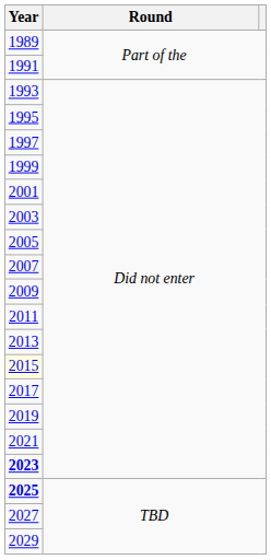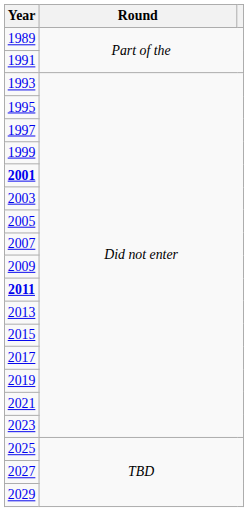 <table class="wikitable" style="text-align: center; font-size:90%">
 <tr>
 <th>Year</th>
 <th style="width:200px">Round</th>
 <th></th>
 </tr>
 <tr>
 <td><a href='#'>1989</a></td>
 <td colspan="2" rowspan="2"><em>Part of the </em></td>
 </tr>
 <tr>
 <td><a href='#'>1991</a></td>
 </tr>
 <tr>
 <td><a href='#'>1993</a></td>
 <td colspan="2" rowspan="16"><em>Did not enter</em></td>
 </tr>
 <tr>
 <td><a href='#'>1995</a></td>
 </tr>
 <tr>
 <td><a href='#'>1997</a></td>
 </tr>
 <tr>
 <td><a href='#'>1999</a></td>
 </tr>
 <tr>
-<td><a href='#'>2001</a></td>
+<td><strong><a href='#'>2001</a></strong></td>
 </tr>
 <tr>
 <td><a href='#'>2003</a></td>
 </tr>
 <tr>
 <td><a href='#'>2005</a></td>
 </tr>
 <tr>
 <td><a href='#'>2007</a></td>
 </tr>
 <tr>
 <td><a href='#'>2009</a></td>
 </tr>
 <tr>
-<td><a href='#'>2011</a></td>
+<td><strong><a href='#'>2011</a></strong></td>
 </tr>
 <tr>
 <td><a href='#'>2013</a></td>
 </tr>
 <tr>
-<td style="background: lightyellow;"><a href='#'>2015</a></td>
+<td><a href='#'>2015</a></td>
 </tr>
 <tr>
 <td><a href='#'>2017</a></td>
 </tr>
 <tr>
 <td><a href='#'>2019</a></td>
 </tr>
 <tr>
 <td><a href='#'>2021</a></td>
 </tr>
 <tr>
-<td><strong><a href='#'>2023</a></strong></td>
+<td><a href='#'>2023</a></td>
 </tr>
 <tr>
-<td><strong><a href='#'>2025</a></strong></td>
+<td><a href='#'>2025</a></td>
 <td colspan="2" rowspan="3"><em>TBD</em></td>
 </tr>
 <tr>
 <td><a href='#'>2027</a></td>
 </tr>
 <tr>
 <td><a href='#'>2029</a></td>
 </tr>
 </table>
